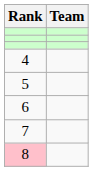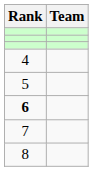 <table class="wikitable">
 <tr>
 <th>Rank</th>
 <th>Team</th>
 </tr>
 <tr bgcolor=#ccffcc>
 <td align=center></td>
 <td></td>
 </tr>
 <tr bgcolor=#ccffcc>
 <td align=center></td>
 <td></td>
 </tr>
 <tr bgcolor=#ccffcc>
 <td align=center></td>
 <td></td>
 </tr>
 <tr>
 <td align=center>4</td>
 <td></td>
 </tr>
 <tr>
 <td align=center>5</td>
 <td></td>
 </tr>
 <tr>
-<td align=center>6</td>
+<td align=center><strong>6</strong></td>
 <td></td>
 </tr>
 <tr>
 <td align=center>7</td>
 <td></td>
 </tr>
 <tr>
-<td align=center style="background: pink;">8</td>
+<td align=center>8</td>
 <td></td>
 </tr>
 </table>
